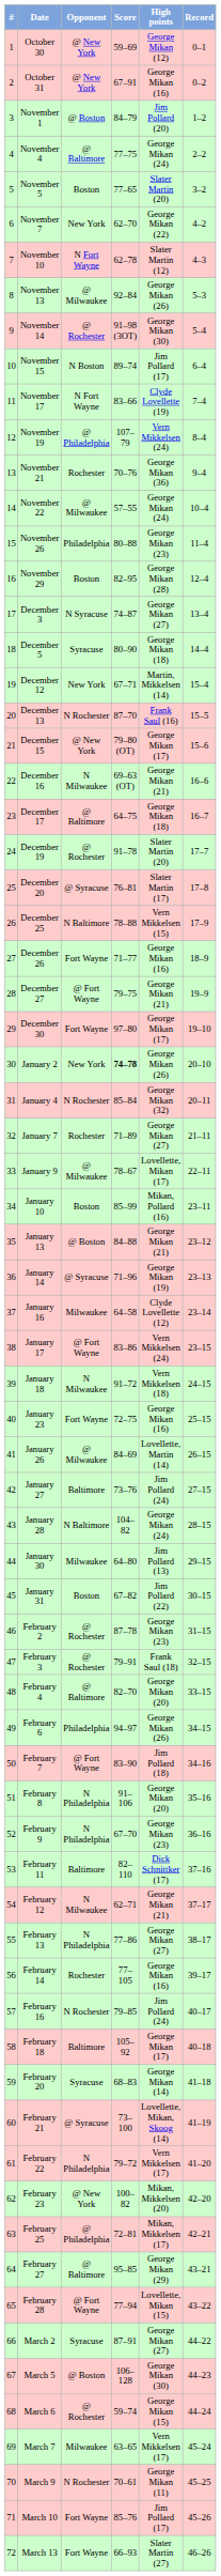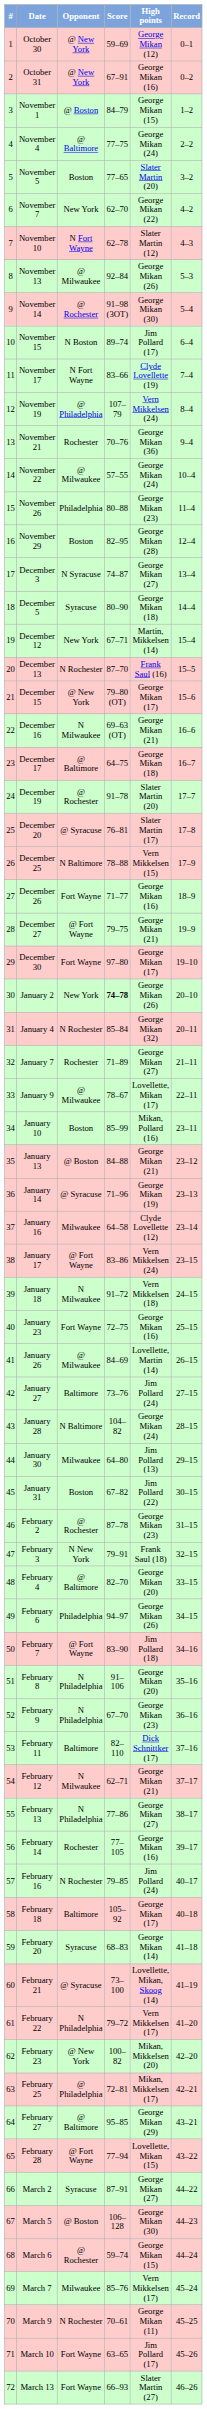 <table class="wikitable" width="50%">
 <tr align="center"  style="background:#7CA3DC; color:#FFFFFF;">
 <td><strong>#</strong></td>
 <td><strong>Date</strong></td>
 <td><strong>Opponent</strong></td>
 <td><strong>Score</strong></td>
 <td><strong>High points</strong></td>
 <td><strong>Record</strong></td>
 </tr>
 <tr align="center" bgcolor="ffcccc">
 <td>1</td>
 <td>October 30</td>
 <td>@ <a href='#'>New York</a></td>
 <td>59–69</td>
 <td><a href='#'>George Mikan</a> (12)</td>
 <td>0–1</td>
 </tr>
 <tr align="center" bgcolor="ffcccc">
 <td>2</td>
 <td>October 31</td>
 <td>@ <a href='#'>New York</a></td>
 <td>67–91</td>
 <td>George Mikan (16)</td>
 <td>0–2</td>
 </tr>
 <tr align="center" bgcolor="ccffcc">
 <td>3</td>
 <td>November 1</td>
 <td>@ <a href='#'>Boston</a></td>
 <td>84–79</td>
-<td><a href='#'>Jim Pollard</a> (20)</td>
+<td>George Mikan (15)</td>
 <td>1–2</td>
 </tr>
 <tr align="center" bgcolor="ccffcc">
 <td>4</td>
 <td>November 4</td>
 <td>@ <a href='#'>Baltimore</a></td>
 <td>77–75</td>
 <td>George Mikan (24)</td>
 <td>2–2</td>
 </tr>
 <tr align="center" bgcolor="ccffcc">
 <td>5</td>
 <td>November 5</td>
 <td>Boston</td>
 <td>77–65</td>
 <td><a href='#'>Slater Martin</a> (20)</td>
 <td>3–2</td>
 </tr>
 <tr align="center" bgcolor="ccffcc">
 <td>6</td>
 <td>November 7</td>
 <td>New York</td>
 <td>62–70</td>
 <td>George Mikan (22)</td>
 <td>4–2</td>
 </tr>
 <tr align="center" bgcolor="ffcccc">
 <td>7</td>
 <td>November 10</td>
 <td>N <a href='#'>Fort Wayne</a></td>
 <td>62–78</td>
 <td>Slater Martin (12)</td>
 <td>4–3</td>
 </tr>
 <tr align="center" bgcolor="ccffcc">
 <td>8</td>
 <td>November 13</td>
 <td>@ Milwaukee</td>
 <td>92–84</td>
 <td>George Mikan (26)</td>
 <td>5–3</td>
 </tr>
 <tr align="center" bgcolor="ffcccc">
 <td>9</td>
 <td>November 14</td>
 <td>@ <a href='#'>Rochester</a></td>
 <td>91–98 (3OT)</td>
 <td>George Mikan (30)</td>
 <td>5–4</td>
 </tr>
 <tr align="center" bgcolor="ccffcc">
 <td>10</td>
 <td>November 15</td>
 <td>N Boston</td>
 <td>89–74</td>
 <td>Jim Pollard (17)</td>
 <td>6–4</td>
 </tr>
 <tr align="center" bgcolor="ccffcc">
 <td>11</td>
 <td>November 17</td>
 <td>N Fort Wayne</td>
 <td>83–66</td>
 <td><a href='#'>Clyde Lovellette</a> (19)</td>
 <td>7–4</td>
 </tr>
 <tr align="center" bgcolor="ccffcc">
 <td>12</td>
 <td>November 19</td>
 <td>@ <a href='#'>Philadelphia</a></td>
 <td>107–79</td>
 <td><a href='#'>Vern Mikkelsen</a> (24)</td>
 <td>8–4</td>
 </tr>
 <tr align="center" bgcolor="ccffcc">
 <td>13</td>
 <td>November 21</td>
 <td>Rochester</td>
 <td>70–76</td>
 <td>George Mikan (36)</td>
 <td>9–4</td>
 </tr>
 <tr align="center" bgcolor="ccffcc">
 <td>14</td>
 <td>November 22</td>
 <td>@ Milwaukee</td>
 <td>57–55</td>
 <td>George Mikan (24)</td>
 <td>10–4</td>
 </tr>
 <tr align="center" bgcolor="ccffcc">
 <td>15</td>
 <td>November 26</td>
 <td>Philadelphia</td>
 <td>80–88</td>
 <td>George Mikan (23)</td>
 <td>11–4</td>
 </tr>
 <tr align="center" bgcolor="ccffcc">
 <td>16</td>
 <td>November 29</td>
 <td>Boston</td>
 <td>82–95</td>
 <td>George Mikan (28)</td>
 <td>12–4</td>
 </tr>
 <tr align="center" bgcolor="ccffcc">
 <td>17</td>
 <td>December 3</td>
 <td>N Syracuse</td>
 <td>74–87</td>
 <td>George Mikan (27)</td>
 <td>13–4</td>
 </tr>
 <tr align="center" bgcolor="ccffcc">
 <td>18</td>
 <td>December 5</td>
 <td>Syracuse</td>
 <td>80–90</td>
 <td>George Mikan (18)</td>
 <td>14–4</td>
 </tr>
 <tr align="center" bgcolor="ccffcc">
 <td>19</td>
 <td>December 12</td>
 <td>New York</td>
 <td>67–71</td>
 <td>Martin, Mikkelsen (14)</td>
 <td>15–4</td>
 </tr>
 <tr align="center" bgcolor="ffcccc">
 <td>20</td>
 <td>December 13</td>
 <td>N Rochester</td>
 <td>87–70</td>
 <td><a href='#'>Frank Saul</a> (16)</td>
 <td>15–5</td>
 </tr>
 <tr align="center" bgcolor="ffcccc">
 <td>21</td>
 <td>December 15</td>
 <td>@ New York</td>
 <td>79–80 (OT)</td>
 <td>George Mikan (17)</td>
 <td>15–6</td>
 </tr>
 <tr align="center" bgcolor="ccffcc">
 <td>22</td>
 <td>December 16</td>
 <td>N Milwaukee</td>
 <td>69–63 (OT)</td>
 <td>George Mikan (21)</td>
 <td>16–6</td>
 </tr>
 <tr align="center" bgcolor="ffcccc">
 <td>23</td>
 <td>December 17</td>
 <td>@ Baltimore</td>
 <td>64–75</td>
 <td>George Mikan (18)</td>
 <td>16–7</td>
 </tr>
 <tr align="center" bgcolor="ccffcc">
 <td>24</td>
 <td>December 19</td>
 <td>@ Rochester</td>
 <td>91–78</td>
 <td>Slater Martin (20)</td>
 <td>17–7</td>
 </tr>
 <tr align="center" bgcolor="ffcccc">
 <td>25</td>
 <td>December 20</td>
 <td>@ Syracuse</td>
 <td>76–81</td>
 <td>Slater Martin (17)</td>
 <td>17–8</td>
 </tr>
 <tr align="center" bgcolor="ffcccc">
 <td>26</td>
 <td>December 25</td>
 <td>N Baltimore</td>
 <td>78–88</td>
 <td>Vern Mikkelsen (15)</td>
 <td>17–9</td>
 </tr>
 <tr align="center" bgcolor="ccffcc">
 <td>27</td>
 <td>December 26</td>
 <td>Fort Wayne</td>
 <td>71–77</td>
 <td>George Mikan (16)</td>
 <td>18–9</td>
 </tr>
 <tr align="center" bgcolor="ccffcc">
 <td>28</td>
 <td>December 27</td>
 <td>@ Fort Wayne</td>
 <td>79–75</td>
 <td>George Mikan (21)</td>
 <td>19–9</td>
 </tr>
 <tr align="center" bgcolor="ffcccc">
 <td>29</td>
 <td>December 30</td>
 <td>Fort Wayne</td>
 <td>97–80</td>
 <td>George Mikan (17)</td>
 <td>19–10</td>
 </tr>
 <tr align="center" bgcolor="ccffcc">
 <td>30</td>
 <td>January 2</td>
 <td>New York</td>
 <td><strong>74–78</strong></td>
 <td>George Mikan (26)</td>
 <td>20–10</td>
 </tr>
 <tr align="center" bgcolor="ffcccc">
 <td>31</td>
 <td>January 4</td>
 <td>N Rochester</td>
 <td>85–84</td>
 <td>George Mikan (32)</td>
 <td>20–11</td>
 </tr>
 <tr align="center" bgcolor="ccffcc">
 <td>32</td>
 <td>January 7</td>
 <td>Rochester</td>
 <td>71–89</td>
 <td>George Mikan (27)</td>
 <td>21–11</td>
 </tr>
 <tr align="center" bgcolor="ccffcc">
 <td>33</td>
 <td>January 9</td>
 <td>@ Milwaukee</td>
 <td>78–67</td>
 <td>Lovellette, Mikan (17)</td>
 <td>22–11</td>
 </tr>
 <tr align="center" bgcolor="ccffcc">
 <td>34</td>
 <td>January 10</td>
 <td>Boston</td>
 <td>85–99</td>
 <td>Mikan, Pollard (16)</td>
 <td>23–11</td>
 </tr>
 <tr align="center" bgcolor="ffcccc">
 <td>35</td>
 <td>January 13</td>
 <td>@ Boston</td>
 <td>84–88</td>
 <td>George Mikan (21)</td>
 <td>23–12</td>
 </tr>
 <tr align="center" bgcolor="ffcccc">
 <td>36</td>
 <td>January 14</td>
 <td>@ Syracuse</td>
 <td>71–96</td>
 <td>George Mikan (19)</td>
 <td>23–13</td>
 </tr>
 <tr align="center" bgcolor="ffcccc">
 <td>37</td>
 <td>January 16</td>
 <td>Milwaukee</td>
 <td>64–58</td>
 <td>Clyde Lovellette (12)</td>
 <td>23–14</td>
 </tr>
 <tr align="center" bgcolor="ffcccc">
 <td>38</td>
 <td>January 17</td>
 <td>@ Fort Wayne</td>
 <td>83–86</td>
 <td>Vern Mikkelsen (24)</td>
 <td>23–15</td>
 </tr>
 <tr align="center" bgcolor="ccffcc">
 <td>39</td>
 <td>January 18</td>
 <td>N Milwaukee</td>
 <td>91–72</td>
 <td>Vern Mikkelsen (18)</td>
 <td>24–15</td>
 </tr>
 <tr align="center" bgcolor="ccffcc">
 <td>40</td>
 <td>January 23</td>
 <td>Fort Wayne</td>
 <td>72–75</td>
 <td>George Mikan (16)</td>
 <td>25–15</td>
 </tr>
 <tr align="center" bgcolor="ccffcc">
 <td>41</td>
 <td>January 26</td>
 <td>@ Milwaukee</td>
 <td>84–69</td>
 <td>Lovellette, Martin (14)</td>
 <td>26–15</td>
 </tr>
 <tr align="center" bgcolor="ccffcc">
 <td>42</td>
 <td>January 27</td>
 <td>Baltimore</td>
 <td>73–76</td>
 <td>Jim Pollard (24)</td>
 <td>27–15</td>
 </tr>
 <tr align="center" bgcolor="ccffcc">
 <td>43</td>
 <td>January 28</td>
 <td>N Baltimore</td>
 <td>104–82</td>
 <td>George Mikan (24)</td>
 <td>28–15</td>
 </tr>
 <tr align="center" bgcolor="ccffcc">
 <td>44</td>
 <td>January 30</td>
 <td>Milwaukee</td>
 <td>64–80</td>
 <td>Jim Pollard (13)</td>
 <td>29–15</td>
 </tr>
 <tr align="center" bgcolor="ccffcc">
 <td>45</td>
 <td>January 31</td>
 <td>Boston</td>
 <td>67–82</td>
 <td>Jim Pollard (22)</td>
 <td>30–15</td>
 </tr>
 <tr align="center" bgcolor="ccffcc">
 <td>46</td>
 <td>February 2</td>
 <td>@ Rochester</td>
 <td>87–78</td>
 <td>George Mikan (23)</td>
 <td>31–15</td>
 </tr>
 <tr align="center" bgcolor="ccffcc">
 <td>47</td>
 <td>February 3</td>
-<td>@ Rochester</td>
+<td>N New York</td>
 <td>79–91</td>
 <td>Frank Saul (18)</td>
 <td>32–15</td>
 </tr>
 <tr align="center" bgcolor="ccffcc">
 <td>48</td>
 <td>February 4</td>
 <td>@ Baltimore</td>
 <td>82–70</td>
 <td>George Mikan (20)</td>
 <td>33–15</td>
 </tr>
 <tr align="center" bgcolor="ccffcc">
 <td>49</td>
 <td>February 6</td>
 <td>Philadelphia</td>
 <td>94–97</td>
 <td>George Mikan (26)</td>
 <td>34–15</td>
 </tr>
 <tr align="center" bgcolor="ffcccc">
 <td>50</td>
 <td>February 7</td>
 <td>@ Fort Wayne</td>
 <td>83–90</td>
 <td>Jim Pollard (18)</td>
 <td>34–16</td>
 </tr>
 <tr align="center" bgcolor="ccffcc">
 <td>51</td>
 <td>February 8</td>
 <td>N Philadelphia</td>
 <td>91–106</td>
 <td>George Mikan (20)</td>
 <td>35–16</td>
 </tr>
 <tr align="center" bgcolor="ccffcc">
 <td>52</td>
 <td>February 9</td>
 <td>N Philadelphia</td>
 <td>67–70</td>
 <td>George Mikan (23)</td>
 <td>36–16</td>
 </tr>
 <tr align="center" bgcolor="ccffcc">
 <td>53</td>
 <td>February 11</td>
 <td>Baltimore</td>
 <td>82–110</td>
 <td><a href='#'>Dick Schnittker</a> (17)</td>
 <td>37–16</td>
 </tr>
 <tr align="center" bgcolor="ffcccc">
 <td>54</td>
 <td>February 12</td>
 <td>N Milwaukee</td>
 <td>62–71</td>
 <td>George Mikan (21)</td>
 <td>37–17</td>
 </tr>
 <tr align="center" bgcolor="ccffcc">
 <td>55</td>
 <td>February 13</td>
 <td>N Philadelphia</td>
 <td>77–86</td>
 <td>George Mikan (27)</td>
 <td>38–17</td>
 </tr>
 <tr align="center" bgcolor="ccffcc">
 <td>56</td>
 <td>February 14</td>
 <td>Rochester</td>
 <td>77–105</td>
 <td>George Mikan (16)</td>
 <td>39–17</td>
 </tr>
 <tr align="center" bgcolor="ccffcc">
 <td>57</td>
 <td>February 16</td>
 <td>N Rochester</td>
 <td>79–85</td>
 <td>Jim Pollard (24)</td>
 <td>40–17</td>
 </tr>
 <tr align="center" bgcolor="ffcccc">
 <td>58</td>
 <td>February 18</td>
 <td>Baltimore</td>
 <td>105–92</td>
 <td>George Mikan (17)</td>
 <td>40–18</td>
 </tr>
 <tr align="center" bgcolor="ccffcc">
 <td>59</td>
 <td>February 20</td>
 <td>Syracuse</td>
 <td>68–83</td>
 <td>George Mikan (14)</td>
 <td>41–18</td>
 </tr>
 <tr align="center" bgcolor="ffcccc">
 <td>60</td>
 <td>February 21</td>
 <td>@ Syracuse</td>
 <td>73–100</td>
 <td>Lovellette, Mikan, <a href='#'>Skoog</a> (14)</td>
 <td>41–19</td>
 </tr>
 <tr align="center" bgcolor="ffcccc">
 <td>61</td>
 <td>February 22</td>
 <td>N Philadelphia</td>
 <td>79–72</td>
 <td>Vern Mikkelsen (17)</td>
 <td>41–20</td>
 </tr>
 <tr align="center" bgcolor="ccffcc">
 <td>62</td>
 <td>February 23</td>
 <td>@ New York</td>
 <td>100–82</td>
 <td>Mikan, Mikkelsen (20)</td>
 <td>42–20</td>
 </tr>
 <tr align="center" bgcolor="ffcccc">
 <td>63</td>
 <td>February 25</td>
 <td>@ Philadelphia</td>
 <td>72–81</td>
 <td>Mikan, Mikkelsen (17)</td>
 <td>42–21</td>
 </tr>
 <tr align="center" bgcolor="ccffcc">
 <td>64</td>
 <td>February 27</td>
 <td>@ Baltimore</td>
 <td>95–85</td>
 <td>George Mikan (29)</td>
 <td>43–21</td>
 </tr>
 <tr align="center" bgcolor="ffcccc">
 <td>65</td>
 <td>February 28</td>
 <td>@ Fort Wayne</td>
 <td>77–94</td>
 <td>Lovellette, Mikan (15)</td>
 <td>43–22</td>
 </tr>
 <tr align="center" bgcolor="ccffcc">
 <td>66</td>
 <td>March 2</td>
 <td>Syracuse</td>
 <td>87–91</td>
 <td>George Mikan (27)</td>
 <td>44–22</td>
 </tr>
 <tr align="center" bgcolor="ffcccc">
 <td>67</td>
 <td>March 5</td>
 <td>@ Boston</td>
 <td>106–128</td>
 <td>George Mikan (30)</td>
 <td>44–23</td>
 </tr>
 <tr align="center" bgcolor="ffcccc">
 <td>68</td>
 <td>March 6</td>
 <td>@ Rochester</td>
 <td>59–74</td>
 <td>George Mikan (15)</td>
 <td>44–24</td>
 </tr>
 <tr align="center" bgcolor="ccffcc">
 <td>69</td>
 <td>March 7</td>
 <td>Milwaukee</td>
-<td>63–65</td>
+<td>85–76</td>
 <td>Vern Mikkelsen (17)</td>
 <td>45–24</td>
 </tr>
 <tr align="center" bgcolor="ffcccc">
 <td>70</td>
 <td>March 9</td>
 <td>N Rochester</td>
 <td>70–61</td>
 <td>George Mikan (11)</td>
 <td>45–25</td>
 </tr>
 <tr align="center" bgcolor="ffcccc">
 <td>71</td>
 <td>March 10</td>
 <td>Fort Wayne</td>
-<td>85–76</td>
+<td>63–65</td>
 <td>Jim Pollard (17)</td>
 <td>45–26</td>
 </tr>
 <tr align="center" bgcolor="ccffcc">
 <td>72</td>
 <td>March 13</td>
 <td>Fort Wayne</td>
 <td>66–93</td>
 <td>Slater Martin (27)</td>
 <td>46–26</td>
 </tr>
 </table>
